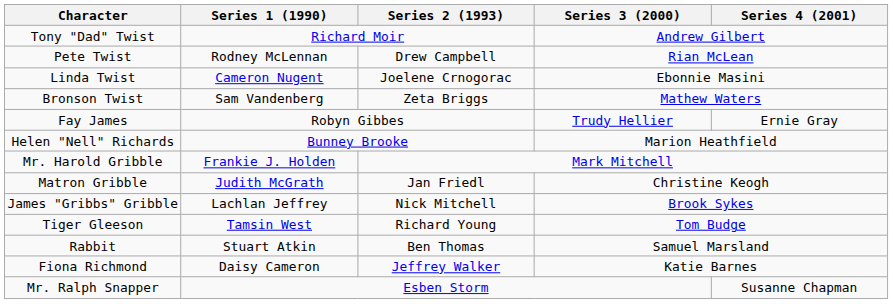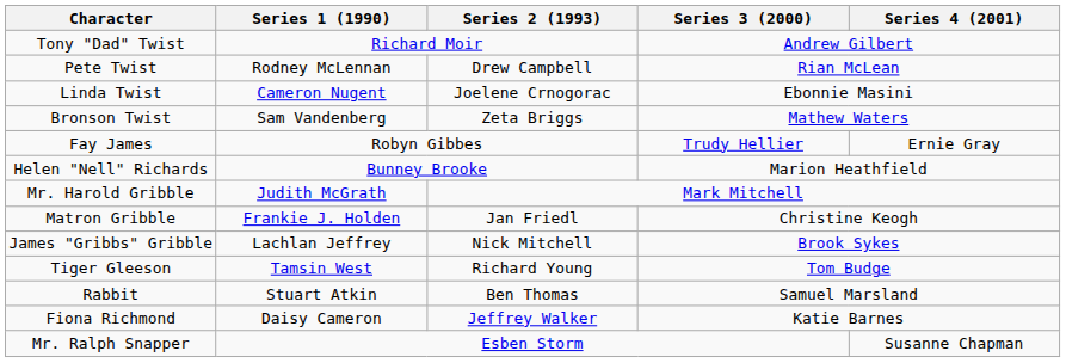 <table class="wikitable">
 <tr>
 <th style="width:20%;">Character</th>
 <th style="width:20%;">Series 1 (1990)</th>
 <th style="width:20%;">Series 2 (1993)</th>
 <th style="width:20%;">Series 3 (2000)</th>
 <th style="width:20%;">Series 4 (2001)</th>
 </tr>
 <tr style="text-align:center;">
 <td>Tony "Dad" Twist</td>
 <td colspan="2"><a href='#'>Richard Moir</a></td>
 <td colspan="2"><a href='#'>Andrew Gilbert</a></td>
 </tr>
 <tr style="text-align:center;">
 <td>Pete Twist</td>
 <td>Rodney McLennan</td>
 <td>Drew Campbell</td>
 <td colspan="2"><a href='#'>Rian McLean</a></td>
 </tr>
 <tr style="text-align:center;">
 <td>Linda Twist</td>
 <td><a href='#'>Cameron Nugent</a></td>
 <td>Joelene Crnogorac</td>
 <td colspan="2">Ebonnie Masini</td>
 </tr>
 <tr style="text-align:center;">
 <td>Bronson Twist</td>
 <td>Sam Vandenberg</td>
 <td>Zeta Briggs</td>
 <td colspan="2"><a href='#'>Mathew Waters</a></td>
 </tr>
 <tr style="text-align:center;">
 <td>Fay James</td>
 <td colspan="2">Robyn Gibbes</td>
 <td><a href='#'>Trudy Hellier</a></td>
 <td>Ernie Gray</td>
 </tr>
 <tr style="text-align:center;">
 <td>Helen "Nell" Richards</td>
 <td colspan="2"><a href='#'>Bunney Brooke</a></td>
 <td colspan="2">Marion Heathfield</td>
 </tr>
 <tr style="text-align:center;">
 <td>Mr. Harold Gribble</td>
-<td><a href='#'>Frankie J. Holden</a></td>
+<td><a href='#'>Judith McGrath</a></td>
 <td colspan="3"><a href='#'>Mark Mitchell</a></td>
 </tr>
 <tr style="text-align:center;">
 <td>Matron Gribble</td>
-<td><a href='#'>Judith McGrath</a></td>
+<td><a href='#'>Frankie J. Holden</a></td>
 <td>Jan Friedl</td>
 <td colspan="2">Christine Keogh</td>
 </tr>
 <tr style="text-align:center;">
 <td>James "Gribbs" Gribble</td>
 <td>Lachlan Jeffrey</td>
 <td>Nick Mitchell</td>
 <td colspan="2"><a href='#'>Brook Sykes</a></td>
 </tr>
 <tr style="text-align:center;">
 <td>Tiger Gleeson</td>
 <td><a href='#'>Tamsin West</a></td>
 <td>Richard Young</td>
 <td colspan="2"><a href='#'>Tom Budge</a></td>
 </tr>
 <tr style="text-align:center;">
 <td>Rabbit</td>
 <td>Stuart Atkin</td>
 <td>Ben Thomas</td>
 <td colspan="2">Samuel Marsland</td>
 </tr>
 <tr style="text-align:center;">
 <td>Fiona Richmond</td>
 <td>Daisy Cameron</td>
 <td><a href='#'>Jeffrey Walker</a></td>
 <td colspan="2">Katie Barnes</td>
 </tr>
 <tr style="text-align:center;">
 <td>Mr. Ralph Snapper</td>
 <td colspan="3"><a href='#'>Esben Storm</a></td>
 <td>Susanne Chapman</td>
 </tr>
 </table>
